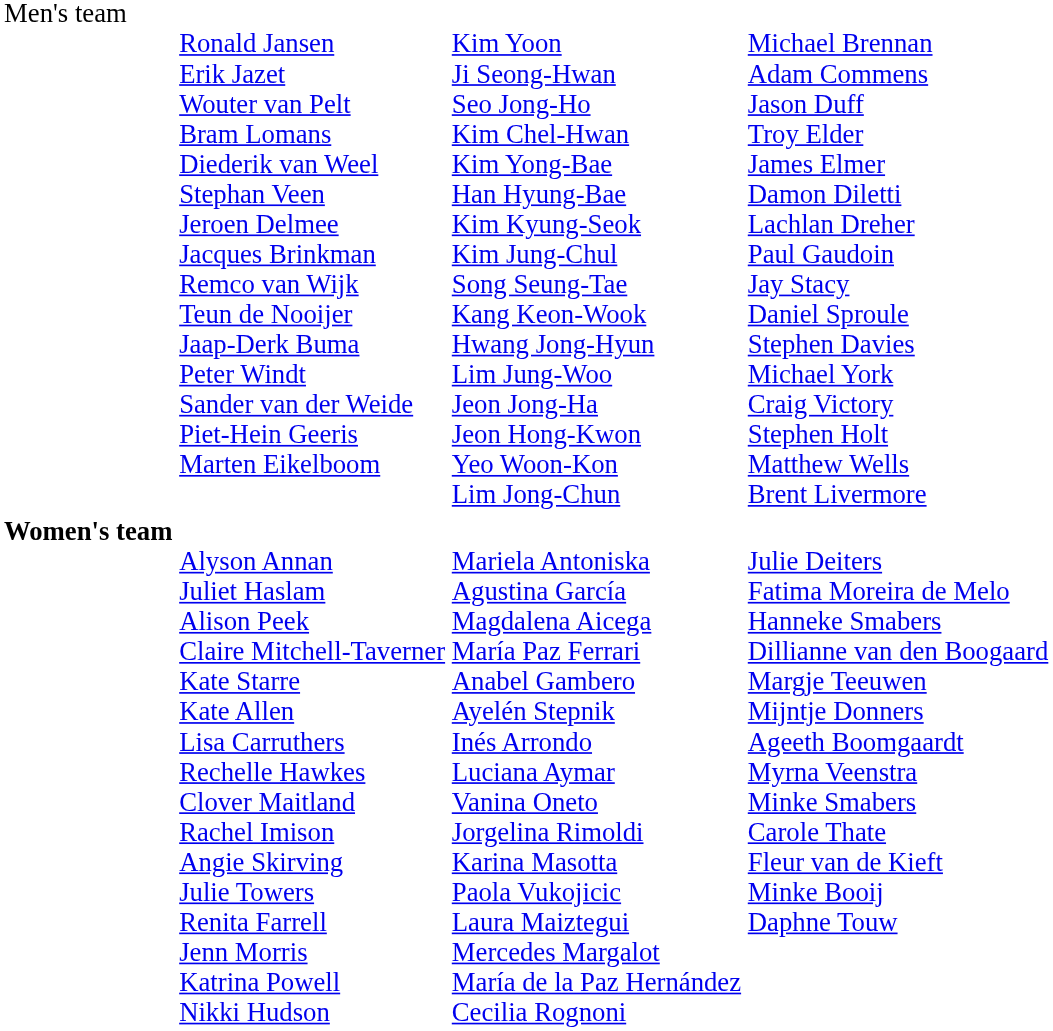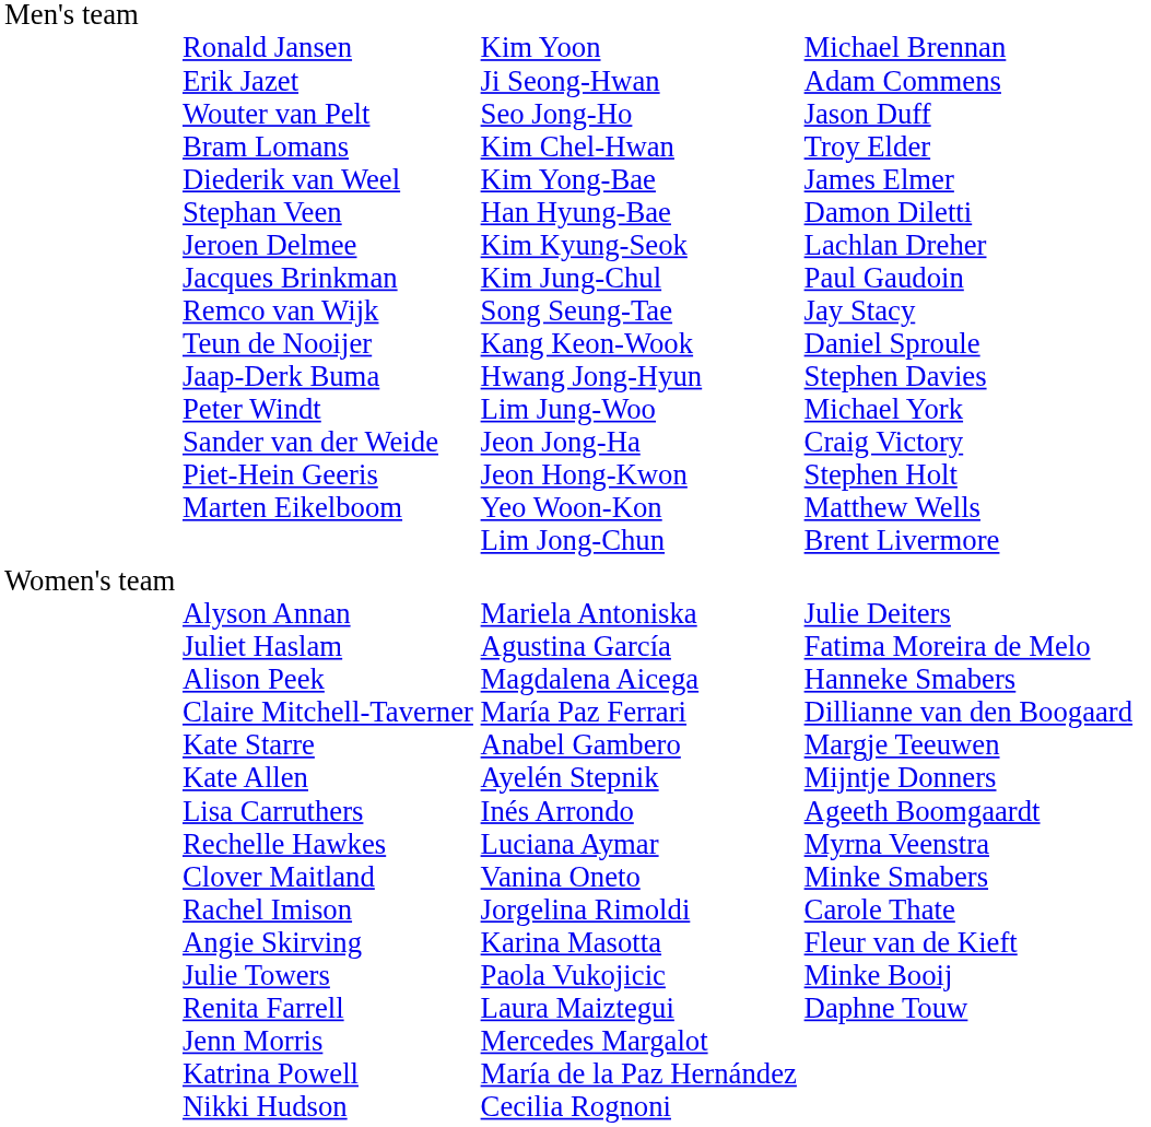 <table>
 <tr valign="top">
 <td>Men's team<br></td>
 <td><br><a href='#'>Ronald Jansen</a><br><a href='#'>Erik Jazet</a><br><a href='#'>Wouter van Pelt</a><br><a href='#'>Bram Lomans</a><br><a href='#'>Diederik van Weel</a><br><a href='#'>Stephan Veen</a><br><a href='#'>Jeroen Delmee</a><br><a href='#'>Jacques Brinkman</a><br><a href='#'>Remco van Wijk</a><br><a href='#'>Teun de Nooijer</a><br><a href='#'>Jaap-Derk Buma</a><br><a href='#'>Peter Windt</a><br><a href='#'>Sander van der Weide</a><br><a href='#'>Piet-Hein Geeris</a><br><a href='#'>Marten Eikelboom</a></td>
 <td><br><a href='#'>Kim Yoon</a><br><a href='#'>Ji Seong-Hwan</a><br><a href='#'>Seo Jong-Ho</a><br><a href='#'>Kim Chel-Hwan</a><br><a href='#'>Kim Yong-Bae</a><br><a href='#'>Han Hyung-Bae</a><br><a href='#'>Kim Kyung-Seok</a><br><a href='#'>Kim Jung-Chul</a><br><a href='#'>Song Seung-Tae</a><br><a href='#'>Kang Keon-Wook</a><br><a href='#'>Hwang Jong-Hyun</a><br><a href='#'>Lim Jung-Woo</a><br><a href='#'>Jeon Jong-Ha</a><br><a href='#'>Jeon Hong-Kwon</a><br><a href='#'>Yeo Woon-Kon</a><br><a href='#'>Lim Jong-Chun</a></td>
 <td><br><a href='#'>Michael Brennan</a><br><a href='#'>Adam Commens</a><br><a href='#'>Jason Duff</a><br><a href='#'>Troy Elder</a><br><a href='#'>James Elmer</a><br><a href='#'>Damon Diletti</a><br><a href='#'>Lachlan Dreher</a><br><a href='#'>Paul Gaudoin</a><br><a href='#'>Jay Stacy</a><br><a href='#'>Daniel Sproule</a><br><a href='#'>Stephen Davies</a><br><a href='#'>Michael York</a><br><a href='#'>Craig Victory</a><br><a href='#'>Stephen Holt</a><br><a href='#'>Matthew Wells</a><br><a href='#'>Brent Livermore</a></td>
 </tr>
 <tr valign="top">
-<td><strong>Women's team<br></strong></td>
+<td>Women's team<br></td>
 <td><br><a href='#'>Alyson Annan</a><br><a href='#'>Juliet Haslam</a><br><a href='#'>Alison Peek</a><br><a href='#'>Claire Mitchell-Taverner</a><br><a href='#'>Kate Starre</a><br><a href='#'>Kate Allen</a><br><a href='#'>Lisa Carruthers</a><br><a href='#'>Rechelle Hawkes</a><br><a href='#'>Clover Maitland</a><br><a href='#'>Rachel Imison</a><br><a href='#'>Angie Skirving</a><br><a href='#'>Julie Towers</a><br><a href='#'>Renita Farrell</a><br><a href='#'>Jenn Morris</a><br><a href='#'>Katrina Powell</a><br><a href='#'>Nikki Hudson</a></td>
 <td><br><a href='#'>Mariela Antoniska</a><br><a href='#'>Agustina García</a><br><a href='#'>Magdalena Aicega</a><br><a href='#'>María Paz Ferrari</a><br><a href='#'>Anabel Gambero</a><br><a href='#'>Ayelén Stepnik</a><br><a href='#'>Inés Arrondo</a><br><a href='#'>Luciana Aymar</a><br><a href='#'>Vanina Oneto</a><br><a href='#'>Jorgelina Rimoldi</a><br><a href='#'>Karina Masotta</a><br><a href='#'>Paola Vukojicic</a><br><a href='#'>Laura Maiztegui</a><br><a href='#'>Mercedes Margalot</a><br><a href='#'>María de la Paz Hernández</a><br><a href='#'>Cecilia Rognoni</a></td>
 <td><br><a href='#'>Julie Deiters</a><br><a href='#'>Fatima Moreira de Melo</a><br><a href='#'>Hanneke Smabers</a><br><a href='#'>Dillianne van den Boogaard</a><br><a href='#'>Margje Teeuwen</a><br><a href='#'>Mijntje Donners</a><br><a href='#'>Ageeth Boomgaardt</a><br><a href='#'>Myrna Veenstra</a><br><a href='#'>Minke Smabers</a><br><a href='#'>Carole Thate</a><br><a href='#'>Fleur van de Kieft</a><br><a href='#'>Minke Booij</a><br><a href='#'>Daphne Touw</a></td>
 </tr>
 </table>
